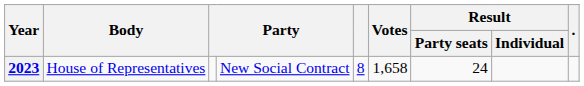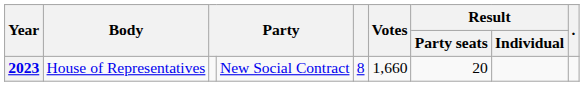 <table class="wikitable plainrowheaders sortable" border=2 cellpadding=4 cellspacing=0 style="border: 1px #aaa solid; font-size: 90%; text-align:center;">
 <tr>
 <th scope="col" rowspan=2>Year</th>
 <th scope="col" rowspan=2>Body</th>
 <th scope="col" colspan=2 rowspan=2>Party</th>
 <th scope="col" rowspan=2></th>
 <th scope="col" rowspan=2>Votes</th>
 <th scope="colgroup" colspan=2>Result</th>
 <th scope="col" rowspan=2 class="unsortable">.</th>
 </tr>
 <tr>
 <th scope="col">Party seats</th>
 <th scope="col">Individual</th>
 </tr>
 <tr>
 <th scope="row"><a href='#'>2023</a></th>
 <td><a href='#'>House of Representatives</a></td>
 <td style="background-color:"></td>
 <td><a href='#'>New Social Contract</a></td>
 <td style=text-align:right><a href='#'>8</a></td>
-<td style=text-align:right>1,658</td>
-<td style=text-align:right>24</td>
+<td style=text-align:right>1,660</td>
+<td style=text-align:right>20</td>
 <td></td>
 <td></td>
 </tr>
 </table>
